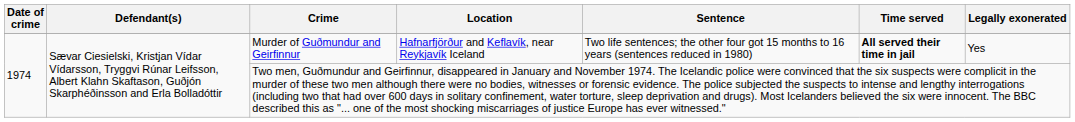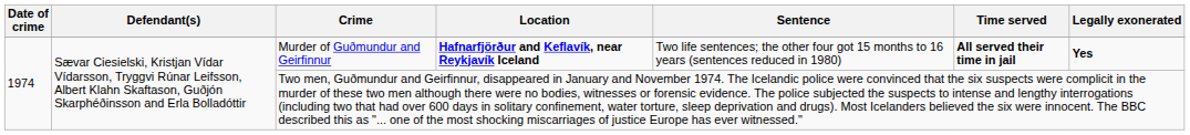 <table class="wikitable sortable">
 <tr>
 <th>Date of crime</th>
 <th>Defendant(s)</th>
 <th>Crime</th>
 <th>Location</th>
 <th>Sentence</th>
 <th>Time served</th>
 <th>Legally exonerated</th>
 </tr>
 <tr>
 </tr>
 <tr ->
 <td rowspan="2">1974</td>
 <td rowspan="2">Sævar Ciesielski, Kristjan Vídar Vídarsson, Tryggvi Rúnar Leifsson, Albert Klahn Skaftason, Guðjón Skarphéðinsson and Erla Bolladóttir</td>
 <td>Murder of <a href='#'>Guðmundur and Geirfinnur</a></td>
-<td><a href='#'>Hafnarfjörður</a> and <a href='#'>Keflavík</a>, near <a href='#'>Reykjavík</a> Iceland</td>
+<td><strong><a href='#'>Hafnarfjörður</a> and <a href='#'>Keflavík</a>, near <a href='#'>Reykjavík</a> Iceland</strong></td>
 <td>Two life sentences; the other four got 15 months to 16 years (sentences reduced in 1980)</td>
 <td><strong>All served their time in jail</strong></td>
-<td>Yes</td>
+<td><strong>Yes</strong></td>
 </tr>
 <tr>
 <td colspan=5>Two men, Guðmundur and Geirfinnur, disappeared in January and November 1974. The Icelandic police were convinced that the six suspects were complicit in the murder of these two men although there were no bodies, witnesses or forensic evidence. The police subjected the suspects to intense and lengthy interrogations (including two that had over 600 days in solitary confinement, water torture, sleep deprivation and drugs). Most Icelanders believed the six were innocent. The BBC described this as "... one of the most shocking miscarriages of justice Europe has ever witnessed."</td>
 </tr>
 </table>
